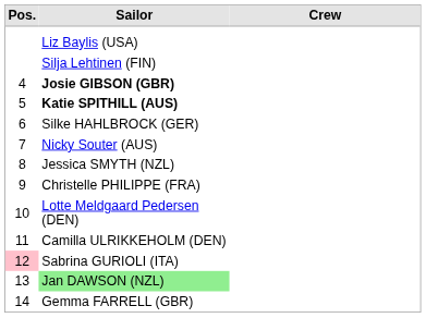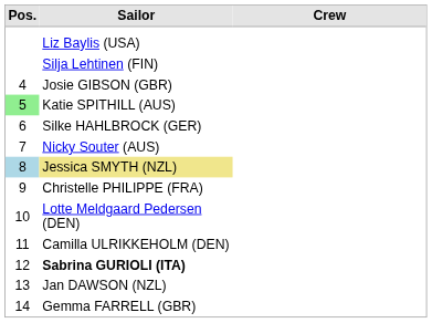 <table cellspacing="0" cellpadding="3" style="border:1px solid #AAAAAA;font-size:90%">
 <tr bgcolor="#E4E4E4">
 <th style="border-bottom:1px solid #AAAAAA" width=10>Pos.</th>
 <th style="border-bottom:1px solid #AAAAAA" width=200>Sailor</th>
 <th style="border-bottom:1px solid #AAAAAA" width=200>Crew</th>
 </tr>
 <tr>
 <td align="center"></td>
 <td></td>
 <td></td>
 </tr>
 <tr>
 <td align="center"></td>
 <td><a href='#'>Liz Baylis</a> (USA)</td>
 <td></td>
 </tr>
 <tr>
 <td align="center"></td>
 <td><a href='#'>Silja Lehtinen</a> (FIN)</td>
 <td></td>
 </tr>
 <tr>
 <td align="center">4</td>
-<td><strong>Josie GIBSON (GBR)</strong></td>
+<td>Josie GIBSON (GBR)</td>
 <td></td>
 </tr>
 <tr>
-<td align="center">5</td>
-<td><strong>Katie SPITHILL (AUS)</strong></td>
+<td align="center" style="background: lightgreen;">5</td>
+<td>Katie SPITHILL (AUS)</td>
 <td></td>
 </tr>
 <tr>
 <td align="center">6</td>
 <td>Silke HAHLBROCK (GER)</td>
 <td></td>
 </tr>
 <tr>
 <td align="center">7</td>
 <td><a href='#'>Nicky Souter</a> (AUS)</td>
 <td></td>
 </tr>
 <tr>
-<td align="center">8</td>
-<td>Jessica SMYTH (NZL)</td>
+<td align="center" style="background: lightblue;">8</td>
+<td style="background: khaki;">Jessica SMYTH (NZL)</td>
 <td></td>
 </tr>
 <tr>
 <td align="center">9</td>
 <td>Christelle PHILIPPE (FRA)</td>
 <td></td>
 </tr>
 <tr>
 <td align="center">10</td>
 <td><a href='#'>Lotte Meldgaard Pedersen</a> (DEN)</td>
 <td></td>
 </tr>
 <tr>
 <td align="center">11</td>
 <td>Camilla ULRIKKEHOLM (DEN)</td>
 <td></td>
 </tr>
 <tr>
-<td align="center" style="background: pink;">12</td>
-<td>Sabrina GURIOLI (ITA)</td>
+<td align="center">12</td>
+<td><strong>Sabrina GURIOLI (ITA)</strong></td>
 <td></td>
 </tr>
 <tr>
 <td align="center">13</td>
-<td style="background: lightgreen;">Jan DAWSON (NZL)</td>
+<td>Jan DAWSON (NZL)</td>
 <td></td>
 </tr>
 <tr>
 <td align="center">14</td>
 <td>Gemma FARRELL (GBR)</td>
 <td></td>
 </tr>
 <tr>
 </tr>
 </table>
